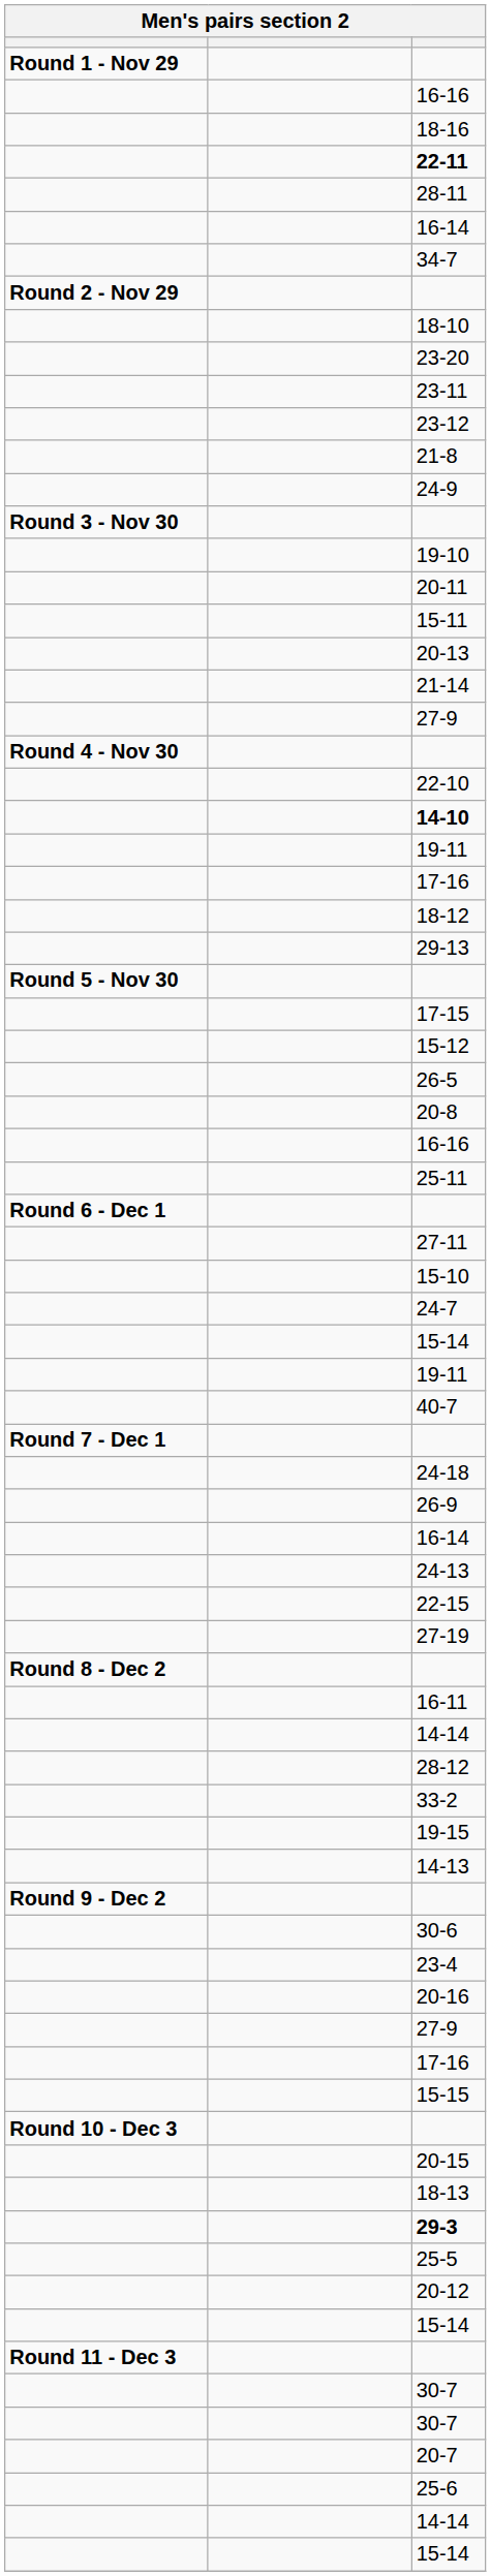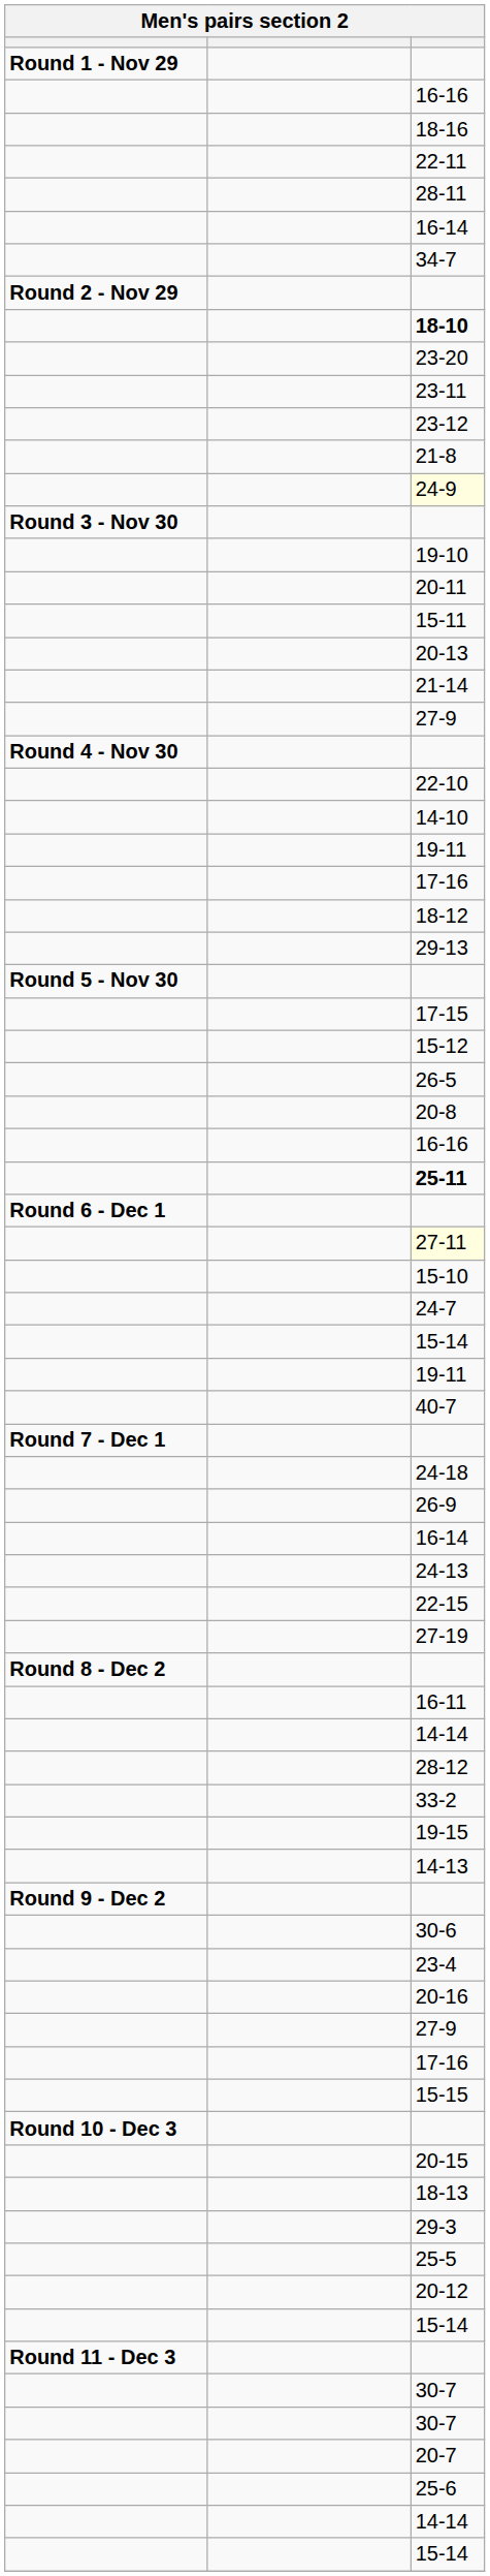 <table class="wikitable">
 <tr>
 <th colspan="3">Men's pairs section 2</th>
 </tr>
 <tr>
 <th width=150></th>
 <th width=150></th>
 <th width=50></th>
 </tr>
 <tr>
 <td><strong>Round 1 - Nov 29</strong></td>
 <td></td>
 <td></td>
 </tr>
 <tr>
 <td></td>
 <td></td>
 <td>16-16</td>
 </tr>
 <tr>
 <td></td>
 <td></td>
 <td>18-16</td>
 </tr>
 <tr>
 <td></td>
 <td></td>
-<td><strong>22-11</strong></td>
+<td>22-11</td>
 </tr>
 <tr>
 <td></td>
 <td></td>
 <td>28-11</td>
 </tr>
 <tr>
 <td></td>
 <td></td>
 <td>16-14</td>
 </tr>
 <tr>
 <td></td>
 <td></td>
 <td>34-7</td>
 </tr>
 <tr>
 <td><strong>Round 2 - Nov 29</strong></td>
 <td></td>
 <td></td>
 </tr>
 <tr>
 <td></td>
 <td></td>
-<td>18-10</td>
+<td><strong>18-10</strong></td>
 </tr>
 <tr>
 <td></td>
 <td></td>
 <td>23-20</td>
 </tr>
 <tr>
 <td></td>
 <td></td>
 <td>23-11</td>
 </tr>
 <tr>
 <td></td>
 <td></td>
 <td>23-12</td>
 </tr>
 <tr>
 <td></td>
 <td></td>
 <td>21-8</td>
 </tr>
 <tr>
 <td></td>
 <td></td>
-<td>24-9</td>
+<td style="background: lightyellow;">24-9</td>
 </tr>
 <tr>
 <td><strong>Round 3 - Nov 30</strong></td>
 <td></td>
 <td></td>
 </tr>
 <tr>
 <td></td>
 <td></td>
 <td>19-10</td>
 </tr>
 <tr>
 <td></td>
 <td></td>
 <td>20-11</td>
 </tr>
 <tr>
 <td></td>
 <td></td>
 <td>15-11</td>
 </tr>
 <tr>
 <td></td>
 <td></td>
 <td>20-13</td>
 </tr>
 <tr>
 <td></td>
 <td></td>
 <td>21-14</td>
 </tr>
 <tr>
 <td></td>
 <td></td>
 <td>27-9</td>
 </tr>
 <tr>
 <td><strong>Round 4 - Nov 30</strong></td>
 <td></td>
 <td></td>
 </tr>
 <tr>
 <td></td>
 <td></td>
 <td>22-10</td>
 </tr>
 <tr>
 <td></td>
 <td></td>
-<td><strong>14-10</strong></td>
+<td>14-10</td>
 </tr>
 <tr>
 <td></td>
 <td></td>
 <td>19-11</td>
 </tr>
 <tr>
 <td></td>
 <td></td>
 <td>17-16</td>
 </tr>
 <tr>
 <td></td>
 <td></td>
 <td>18-12</td>
 </tr>
 <tr>
 <td></td>
 <td></td>
 <td>29-13</td>
 </tr>
 <tr>
 <td><strong>Round 5 - Nov 30</strong></td>
 <td></td>
 <td></td>
 </tr>
 <tr>
 <td></td>
 <td></td>
 <td>17-15</td>
 </tr>
 <tr>
 <td></td>
 <td></td>
 <td>15-12</td>
 </tr>
 <tr>
 <td></td>
 <td></td>
 <td>26-5</td>
 </tr>
 <tr>
 <td></td>
 <td></td>
 <td>20-8</td>
 </tr>
 <tr>
 <td></td>
 <td></td>
 <td>16-16</td>
 </tr>
 <tr>
 <td></td>
 <td></td>
-<td>25-11</td>
+<td><strong>25-11</strong></td>
 </tr>
 <tr>
 <td><strong>Round 6  - Dec 1</strong></td>
 <td></td>
 <td></td>
 </tr>
 <tr>
 <td></td>
 <td></td>
-<td>27-11</td>
+<td style="background: lightyellow;">27-11</td>
 </tr>
 <tr>
 <td></td>
 <td></td>
 <td>15-10</td>
 </tr>
 <tr>
 <td></td>
 <td></td>
 <td>24-7</td>
 </tr>
 <tr>
 <td></td>
 <td></td>
 <td>15-14</td>
 </tr>
 <tr>
 <td></td>
 <td></td>
 <td>19-11</td>
 </tr>
 <tr>
 <td></td>
 <td></td>
 <td>40-7</td>
 </tr>
 <tr>
 <td><strong>Round 7 - Dec 1</strong></td>
 <td></td>
 <td></td>
 </tr>
 <tr>
 <td></td>
 <td></td>
 <td>24-18</td>
 </tr>
 <tr>
 <td></td>
 <td></td>
 <td>26-9</td>
 </tr>
 <tr>
 <td></td>
 <td></td>
 <td>16-14</td>
 </tr>
 <tr>
 <td></td>
 <td></td>
 <td>24-13</td>
 </tr>
 <tr>
 <td></td>
 <td></td>
 <td>22-15</td>
 </tr>
 <tr>
 <td></td>
 <td></td>
 <td>27-19</td>
 </tr>
 <tr>
 <td><strong>Round 8 - Dec 2</strong></td>
 <td></td>
 <td></td>
 </tr>
 <tr>
 <td></td>
 <td></td>
 <td>16-11</td>
 </tr>
 <tr>
 <td></td>
 <td></td>
 <td>14-14</td>
 </tr>
 <tr>
 <td></td>
 <td></td>
 <td>28-12</td>
 </tr>
 <tr>
 <td></td>
 <td></td>
 <td>33-2</td>
 </tr>
 <tr>
 <td></td>
 <td></td>
 <td>19-15</td>
 </tr>
 <tr>
 <td></td>
 <td></td>
 <td>14-13</td>
 </tr>
 <tr>
 <td><strong>Round 9 - Dec 2</strong></td>
 <td></td>
 <td></td>
 </tr>
 <tr>
 <td></td>
 <td></td>
 <td>30-6</td>
 </tr>
 <tr>
 <td></td>
 <td></td>
 <td>23-4</td>
 </tr>
 <tr>
 <td></td>
 <td></td>
 <td>20-16</td>
 </tr>
 <tr>
 <td></td>
 <td></td>
 <td>27-9</td>
 </tr>
 <tr>
 <td></td>
 <td></td>
 <td>17-16</td>
 </tr>
 <tr>
 <td></td>
 <td></td>
 <td>15-15</td>
 </tr>
 <tr>
 <td><strong>Round 10 - Dec 3</strong></td>
 <td></td>
 <td></td>
 </tr>
 <tr>
 <td></td>
 <td></td>
 <td>20-15</td>
 </tr>
 <tr>
 <td></td>
 <td></td>
 <td>18-13</td>
 </tr>
 <tr>
 <td></td>
 <td></td>
-<td><strong>29-3</strong></td>
+<td>29-3</td>
 </tr>
 <tr>
 <td></td>
 <td></td>
 <td>25-5</td>
 </tr>
 <tr>
 <td></td>
 <td></td>
 <td>20-12</td>
 </tr>
 <tr>
 <td></td>
 <td></td>
 <td>15-14</td>
 </tr>
 <tr>
 <td><strong>Round 11 - Dec 3</strong></td>
 <td></td>
 <td></td>
 </tr>
 <tr>
 <td></td>
 <td></td>
 <td>30-7</td>
 </tr>
 <tr>
 <td></td>
 <td></td>
 <td>30-7</td>
 </tr>
 <tr>
 <td></td>
 <td></td>
 <td>20-7</td>
 </tr>
 <tr>
 <td></td>
 <td></td>
 <td>25-6</td>
 </tr>
 <tr>
 <td></td>
 <td></td>
 <td>14-14</td>
 </tr>
 <tr>
 <td></td>
 <td></td>
 <td>15-14</td>
 </tr>
 <tr>
 </tr>
 </table>
